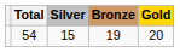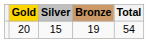 <table class="wikitable">
 <tr>
 <th></th>
-<th>Total</th>
+<th style="background-color:gold">Gold</th>
 <th style="background-color:silver">Silver</th>
 <th style="background-color:#CC9966">Bronze</th>
-<th style="background-color:gold">Gold</th>
+<th>Total</th>
 </tr>
 <tr align="center">
 <td></td>
-<td>54</td>
+<td>20</td>
 <td>15</td>
 <td>19</td>
-<td>20</td>
+<td>54</td>
 </tr>
 </table>
